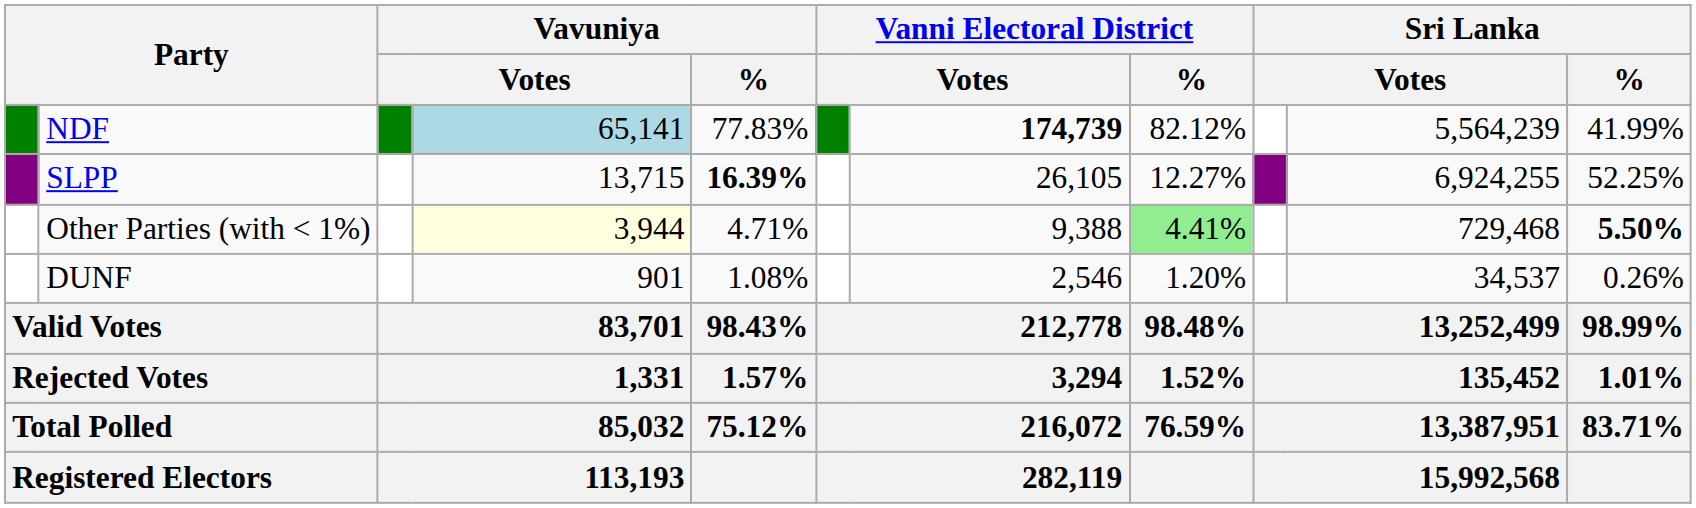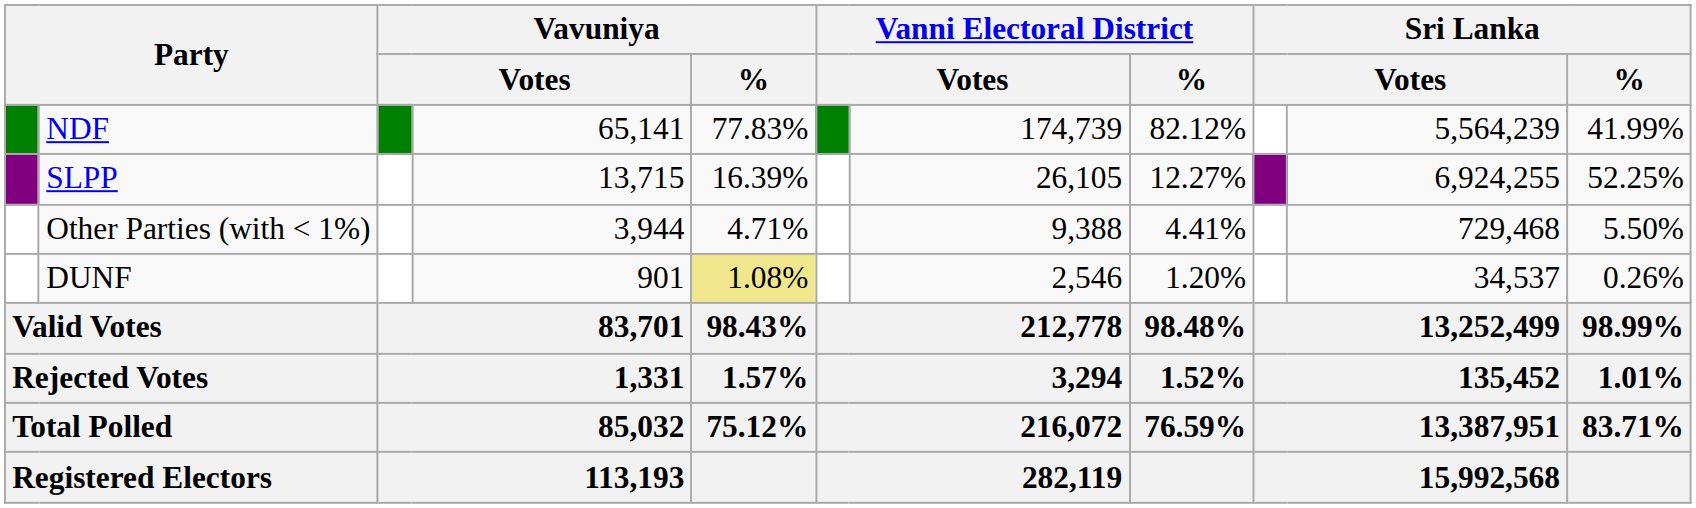 <table class="wikitable">
 <tr>
 <th colspan="2" width="144px"rowspan="2">Party</th>
 <th colspan="3" width="216px">Vavuniya</th>
 <th colspan="3" width="216px"><a href='#'>Vanni Electoral District</a></th>
 <th colspan="3" width="216px">Sri Lanka</th>
 </tr>
 <tr>
 <th colspan="2" width="144px">Votes</th>
 <th>%</th>
 <th colspan="2" width="144px">Votes</th>
 <th>%</th>
 <th colspan="2" width="144px">Votes</th>
 <th>%</th>
 </tr>
 <tr>
 <td style="background-color:green;" width="10px"></td>
 <td style="text-align:left;"><a href='#'>NDF</a></td>
 <td style="background-color:green;" width="10px"></td>
-<td style="background: lightblue; text-align:right;">65,141</td>
+<td style="text-align:right;">65,141</td>
 <td style="text-align:right;">77.83%</td>
 <td style="background-color:green;" width="10px"></td>
-<td style="text-align:right;"><strong>174,739</strong></td>
+<td style="text-align:right;">174,739</td>
 <td style="text-align:right;">82.12%</td>
 <td style="background-color:white;" width="10px"></td>
 <td style="text-align:right;">5,564,239</td>
 <td style="text-align:right;">41.99%</td>
 </tr>
 <tr>
 <td style="background-color:purple;" width="10px"></td>
 <td style="text-align:left;"><a href='#'>SLPP</a></td>
 <td style="background-color:white;" width="10px"></td>
 <td style="text-align:right;">13,715</td>
-<td style="text-align:right;"><strong>16.39%</strong></td>
+<td style="text-align:right;">16.39%</td>
 <td style="background-color:white;" width="10px"></td>
 <td style="text-align:right;">26,105</td>
 <td style="text-align:right;">12.27%</td>
 <td style="background-color:purple;" width="10px"></td>
 <td style="text-align:right;">6,924,255</td>
 <td style="text-align:right;">52.25%</td>
 </tr>
 <tr>
 <td style="background-color:white;" width="10px"></td>
 <td style="text-align:left;">Other Parties (with < 1%)</td>
 <td style="background-color:white;" width="10px"></td>
-<td style="background: lightyellow; text-align:right;">3,944</td>
+<td style="text-align:right;">3,944</td>
 <td style="text-align:right;">4.71%</td>
 <td style="background-color:white;" width="10px"></td>
 <td style="text-align:right;">9,388</td>
-<td style="background: lightgreen; text-align:right;">4.41%</td>
+<td style="text-align:right;">4.41%</td>
 <td style="background-color:white;" width="10px"></td>
 <td style="text-align:right;">729,468</td>
-<td style="text-align:right;"><strong>5.50%</strong></td>
+<td style="text-align:right;">5.50%</td>
 </tr>
 <tr>
 <td style="background-color:white;" width="10px"></td>
 <td style="text-align:left;">DUNF</td>
 <td style="background-color:white;" width="10px"></td>
 <td style="text-align:right;">901</td>
-<td style="text-align:right;">1.08%</td>
+<td style="background: khaki; text-align:right;">1.08%</td>
 <td style="background-color:white;" width="10px"></td>
 <td style="text-align:right;">2,546</td>
 <td style="text-align:right;">1.20%</td>
 <td style="background-color:white;" width="10px"></td>
 <td style="text-align:right;">34,537</td>
 <td style="text-align:right;">0.26%</td>
 </tr>
 <tr>
 <th colspan="2" width="144px"style="text-align:left;">Valid Votes</th>
 <th style="text-align:right;"colspan="2" width="144px">83,701</th>
 <th style="text-align:right;">98.43%</th>
 <th style="text-align:right;"colspan="2" width="144px">212,778</th>
 <th style="text-align:right;">98.48%</th>
 <th style="text-align:right;"colspan="2" width="144px">13,252,499</th>
 <th style="text-align:right;">98.99%</th>
 </tr>
 <tr>
 <th colspan="2" width="144px"style="text-align:left;">Rejected Votes</th>
 <th style="text-align:right;"colspan="2" width="144px">1,331</th>
 <th style="text-align:right;">1.57%</th>
 <th style="text-align:right;"colspan="2" width="144px">3,294</th>
 <th style="text-align:right;">1.52%</th>
 <th style="text-align:right;"colspan="2" width="144px">135,452</th>
 <th style="text-align:right;">1.01%</th>
 </tr>
 <tr>
 <th colspan="2" width="144px"style="text-align:left;">Total Polled</th>
 <th style="text-align:right;"colspan="2" width="144px">85,032</th>
 <th style="text-align:right;">75.12%</th>
 <th style="text-align:right;"colspan="2" width="144px">216,072</th>
 <th style="text-align:right;">76.59%</th>
 <th style="text-align:right;"colspan="2" width="144px">13,387,951</th>
 <th style="text-align:right;">83.71%</th>
 </tr>
 <tr>
 <th colspan="2" width="144px"style="text-align:left;">Registered Electors</th>
 <th style="text-align:right;"colspan="2" width="144px">113,193</th>
 <th></th>
 <th style="text-align:right;"colspan="2" width="144px">282,119</th>
 <th></th>
 <th style="text-align:right;"colspan="2" width="144px">15,992,568</th>
 <th></th>
 </tr>
 </table>
